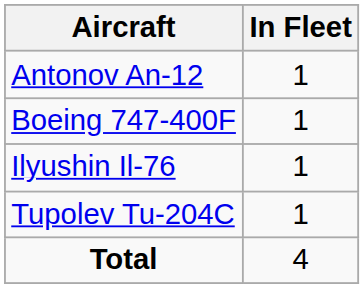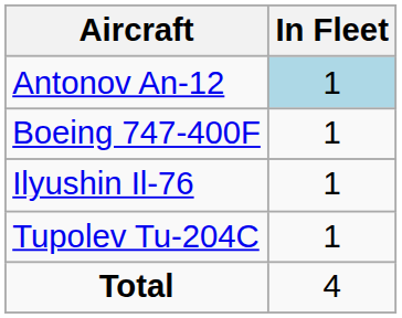 <table class="wikitable"  style="margin:1em auto;" border="1">
 <tr>
 <th>Aircraft</th>
 <th>In Fleet</th>
 </tr>
 <tr>
 <td><a href='#'>Antonov An-12</a></td>
-<td align="center">1</td>
+<td align="center" style="background: lightblue;">1</td>
 </tr>
 <tr>
 <td><a href='#'>Boeing 747-400F</a></td>
 <td align="center">1</td>
 </tr>
 <tr>
 <td><a href='#'>Ilyushin Il-76</a></td>
 <td align="center">1</td>
 </tr>
 <tr>
 <td><a href='#'>Tupolev Tu-204C</a></td>
 <td align="center">1</td>
 </tr>
 <tr>
 <td align="center"><strong>Total</strong></td>
 <td align="center">4</td>
 </tr>
 </table>
